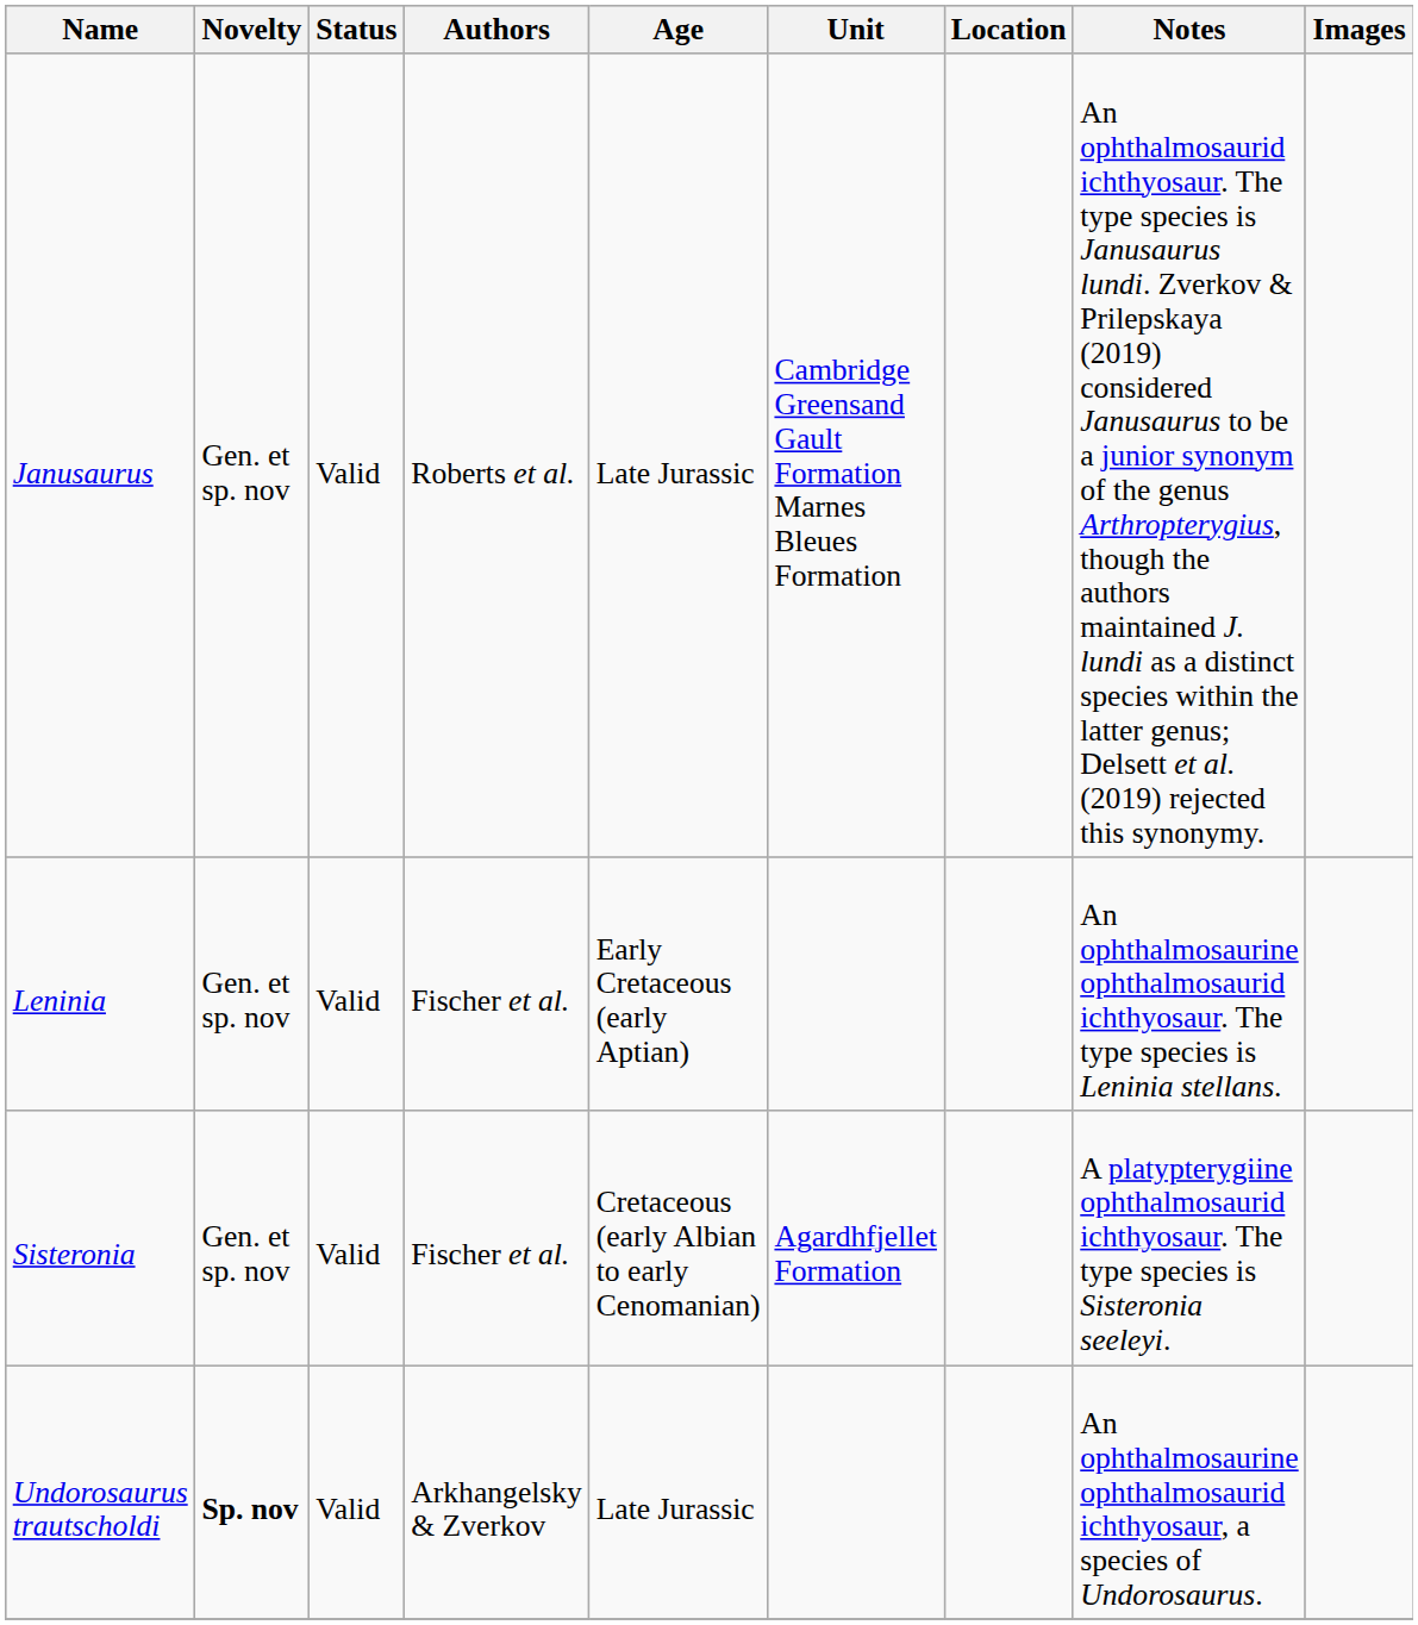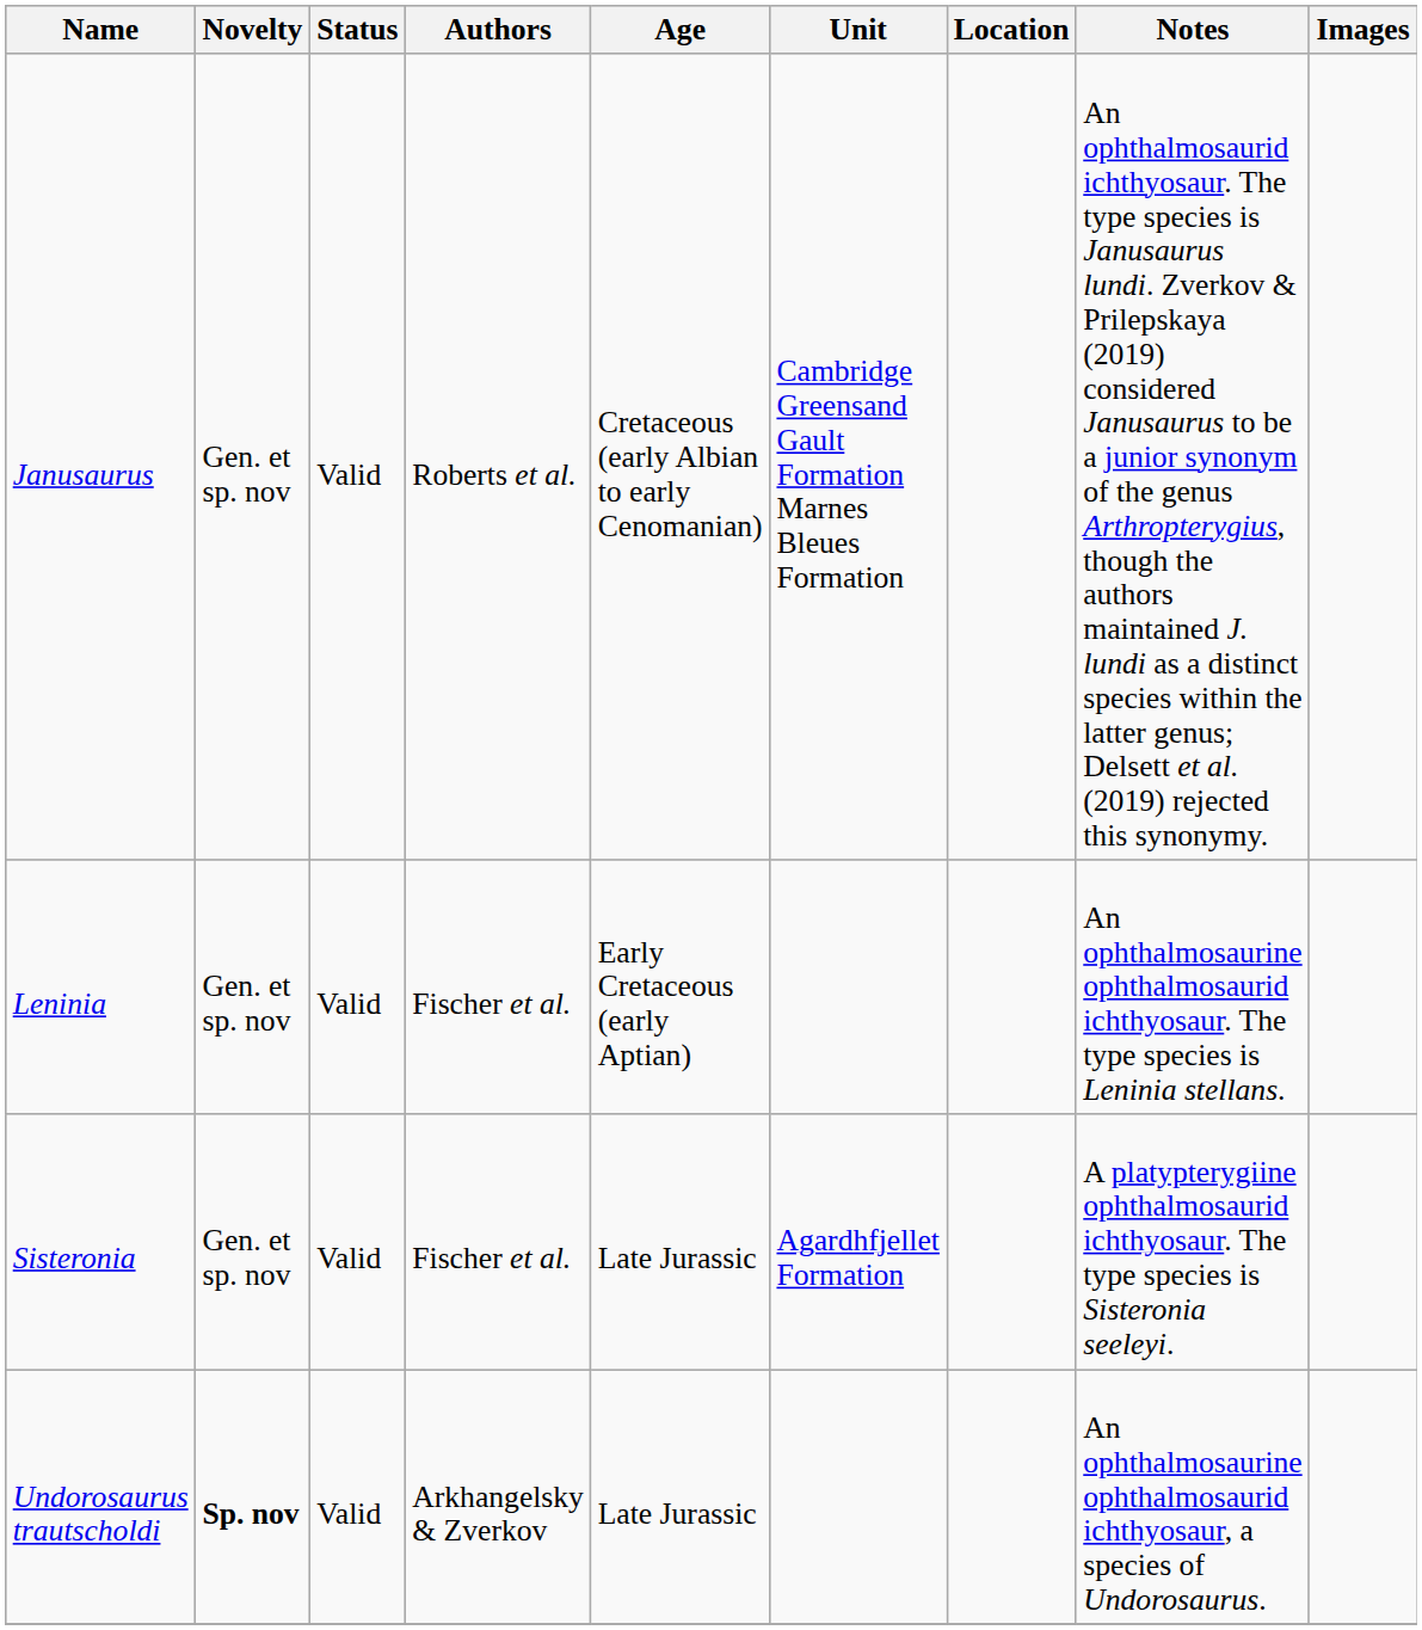 <table class="wikitable sortable" align="center" width="100%">
 <tr>
 <th>Name</th>
 <th>Novelty</th>
 <th>Status</th>
 <th>Authors</th>
 <th>Age</th>
 <th>Unit</th>
 <th>Location</th>
 <th>Notes</th>
 <th>Images</th>
 </tr>
 <tr>
 <td><br><em><a href='#'>Janusaurus</a></em></td>
 <td><br>Gen. et sp. nov</td>
 <td><br>Valid</td>
 <td><br>Roberts <em>et al.</em></td>
-<td><br>Late Jurassic</td>
+<td><br>Cretaceous (early Albian to early Cenomanian)</td>
 <td><br><a href='#'>Cambridge Greensand</a><br> <a href='#'>Gault Formation</a><br> Marnes Bleues Formation</td>
 <td><br><br></td>
 <td><br>An <a href='#'>ophthalmosaurid</a> <a href='#'>ichthyosaur</a>. The type species is <em>Janusaurus lundi</em>. Zverkov & Prilepskaya (2019) considered <em>Janusaurus</em> to be a <a href='#'>junior synonym</a> of the genus <em><a href='#'>Arthropterygius</a></em>, though the authors maintained <em>J. lundi</em> as a distinct species within the latter genus; Delsett <em>et al.</em> (2019) rejected this synonymy.</td>
 <td></td>
 </tr>
 <tr>
 <td><br><em><a href='#'>Leninia</a></em></td>
 <td><br>Gen. et sp. nov</td>
 <td><br>Valid</td>
 <td><br>Fischer <em>et al.</em></td>
 <td><br>Early Cretaceous (early Aptian)</td>
 <td></td>
 <td><br></td>
 <td><br>An <a href='#'>ophthalmosaurine</a> <a href='#'>ophthalmosaurid</a> <a href='#'>ichthyosaur</a>. The type species is <em>Leninia stellans</em>.</td>
 <td></td>
 </tr>
 <tr>
 <td><br><em><a href='#'>Sisteronia</a></em></td>
 <td><br>Gen. et sp. nov</td>
 <td><br>Valid</td>
 <td><br>Fischer <em>et al.</em></td>
-<td><br>Cretaceous (early Albian to early Cenomanian)</td>
+<td><br>Late Jurassic</td>
 <td><br><a href='#'>Agardhfjellet Formation</a></td>
 <td><br><br> </td>
 <td><br>A <a href='#'>platypterygiine</a> <a href='#'>ophthalmosaurid</a> <a href='#'>ichthyosaur</a>. The type species is <em>Sisteronia seeleyi</em>.</td>
 <td></td>
 </tr>
 <tr>
 <td><br><em><a href='#'>Undorosaurus trautscholdi</a></em></td>
 <td><strong><br>Sp. nov</strong></td>
 <td><br>Valid</td>
 <td><br>Arkhangelsky & Zverkov</td>
 <td><br>Late Jurassic</td>
 <td></td>
 <td><br></td>
 <td><br>An <a href='#'>ophthalmosaurine ophthalmosaurid</a> <a href='#'>ichthyosaur</a>, a species of <em>Undorosaurus</em>.</td>
 <td></td>
 </tr>
 <tr>
 </tr>
 </table>
